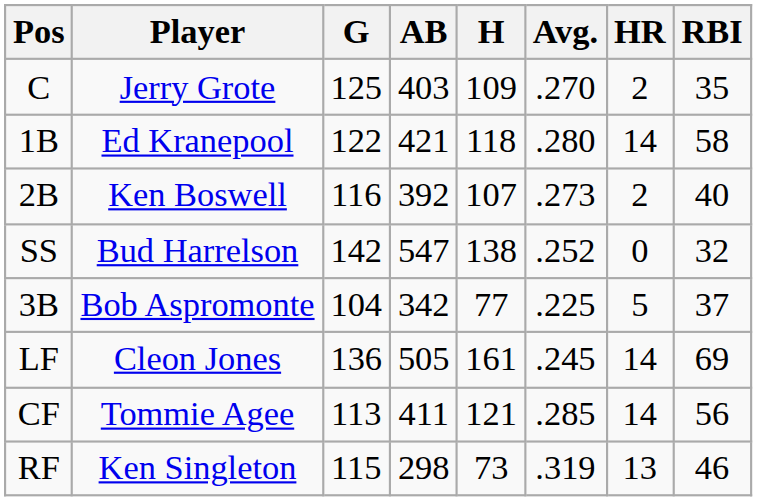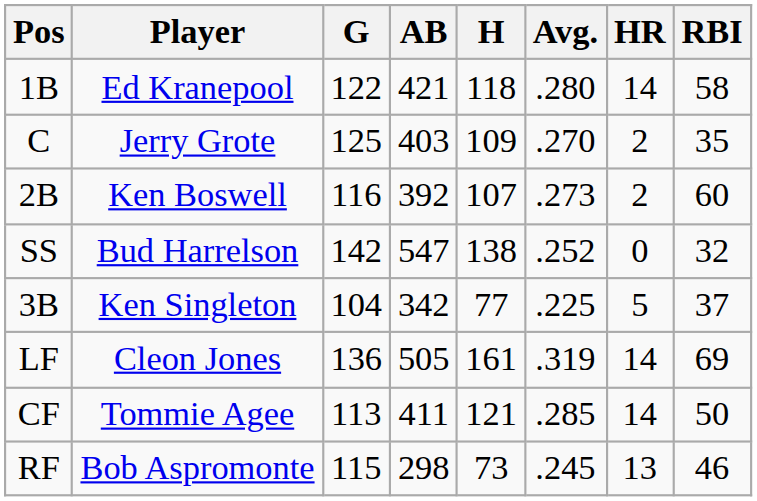 <table class="wikitable sortable">
 <tr>
 <th>Pos</th>
 <th>Player</th>
 <th>G</th>
 <th>AB</th>
 <th>H</th>
 <th>Avg.</th>
 <th>HR</th>
 <th>RBI</th>
+</tr>
+<tr align=center>
+<td>1B</td>
+<td><a href='#'>Ed Kranepool</a></td>
+<td>122</td>
+<td>421</td>
+<td>118</td>
+<td>.280</td>
+<td>14</td>
+<td>58</td>
 </tr>
 <tr align="center">
 <td>C</td>
 <td><a href='#'>Jerry Grote</a></td>
 <td>125</td>
 <td>403</td>
 <td>109</td>
 <td>.270</td>
 <td>2</td>
 <td>35</td>
 </tr>
 <tr align=center>
-<td>1B</td>
-<td><a href='#'>Ed Kranepool</a></td>
-<td>122</td>
-<td>421</td>
-<td>118</td>
-<td>.280</td>
-<td>14</td>
-<td>58</td>
-</tr>
-<tr align=center>
 <td>2B</td>
 <td><a href='#'>Ken Boswell</a></td>
 <td>116</td>
 <td>392</td>
 <td>107</td>
 <td>.273</td>
 <td>2</td>
-<td>40</td>
+<td>60</td>
 </tr>
 <tr align=center>
 <td>SS</td>
 <td><a href='#'>Bud Harrelson</a></td>
 <td>142</td>
 <td>547</td>
 <td>138</td>
 <td>.252</td>
 <td>0</td>
 <td>32</td>
 </tr>
 <tr align=center>
 <td>3B</td>
-<td><a href='#'>Bob Aspromonte</a></td>
+<td><a href='#'>Ken Singleton</a></td>
 <td>104</td>
 <td>342</td>
 <td>77</td>
 <td>.225</td>
 <td>5</td>
 <td>37</td>
 </tr>
 <tr align=center>
 <td>LF</td>
 <td><a href='#'>Cleon Jones</a></td>
 <td>136</td>
 <td>505</td>
 <td>161</td>
-<td>.245</td>
+<td>.319</td>
 <td>14</td>
 <td>69</td>
 </tr>
 <tr align=center>
 <td>CF</td>
 <td><a href='#'>Tommie Agee</a></td>
 <td>113</td>
 <td>411</td>
 <td>121</td>
 <td>.285</td>
 <td>14</td>
-<td>56</td>
+<td>50</td>
 </tr>
 <tr align=center>
 <td>RF</td>
-<td><a href='#'>Ken Singleton</a></td>
+<td><a href='#'>Bob Aspromonte</a></td>
 <td>115</td>
 <td>298</td>
 <td>73</td>
-<td>.319</td>
+<td>.245</td>
 <td>13</td>
 <td>46</td>
 </tr>
 </table>
